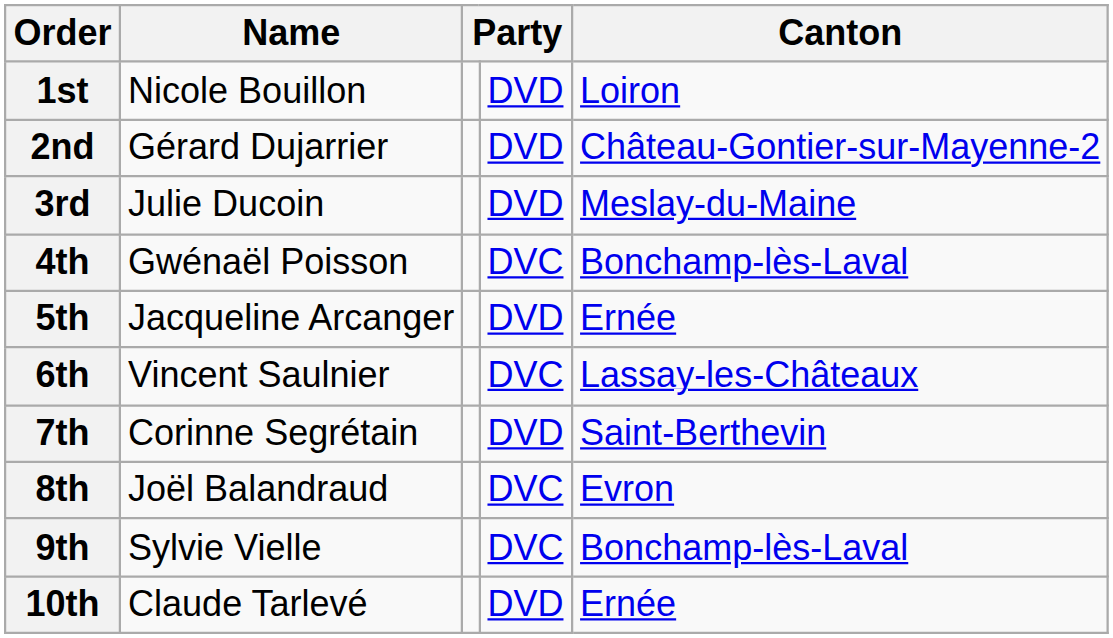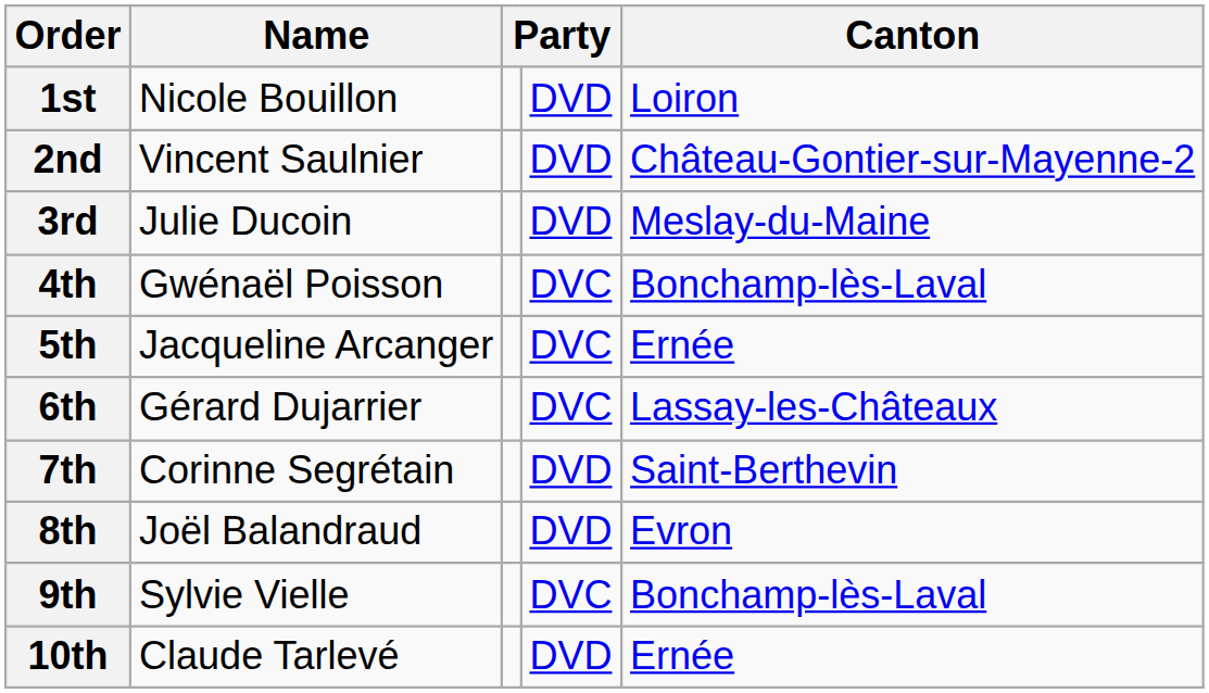 <table class="wikitable">
 <tr>
 <th>Order</th>
 <th>Name</th>
 <th colspan="2">Party</th>
 <th>Canton</th>
 </tr>
 <tr>
 <th>1st</th>
 <td>Nicole Bouillon</td>
 <td style="background-color: "></td>
 <td><a href='#'>DVD</a></td>
 <td><a href='#'>Loiron</a></td>
 </tr>
 <tr>
 <th>2nd</th>
-<td>Gérard Dujarrier</td>
+<td>Vincent Saulnier</td>
 <td style="background-color: "></td>
 <td><a href='#'>DVD</a></td>
 <td><a href='#'>Château-Gontier-sur-Mayenne-2</a></td>
 </tr>
 <tr>
 <th>3rd</th>
 <td>Julie Ducoin</td>
 <td style="background-color: "></td>
 <td><a href='#'>DVD</a></td>
 <td><a href='#'>Meslay-du-Maine</a></td>
 </tr>
 <tr>
 <th>4th</th>
 <td>Gwénaël Poisson</td>
 <td style="background-color: "></td>
 <td><a href='#'>DVC</a></td>
 <td><a href='#'>Bonchamp-lès-Laval</a></td>
 </tr>
 <tr>
 <th>5th</th>
 <td>Jacqueline Arcanger</td>
 <td style="background-color: "></td>
-<td><a href='#'>DVD</a></td>
+<td><a href='#'>DVC</a></td>
 <td><a href='#'>Ernée</a></td>
 </tr>
 <tr>
 <th>6th</th>
-<td>Vincent Saulnier</td>
+<td>Gérard Dujarrier</td>
 <td style="background-color: "></td>
 <td><a href='#'>DVC</a></td>
 <td><a href='#'>Lassay-les-Châteaux</a></td>
 </tr>
 <tr>
 <th>7th</th>
 <td>Corinne Segrétain</td>
 <td style="background-color: "></td>
 <td><a href='#'>DVD</a></td>
 <td><a href='#'>Saint-Berthevin</a></td>
 </tr>
 <tr>
 <th>8th</th>
 <td>Joël Balandraud</td>
 <td style="background-color: "></td>
-<td><a href='#'>DVC</a></td>
+<td><a href='#'>DVD</a></td>
 <td><a href='#'>Evron</a></td>
 </tr>
 <tr>
 <th>9th</th>
 <td>Sylvie Vielle</td>
 <td style="background-color: "></td>
 <td><a href='#'>DVC</a></td>
 <td><a href='#'>Bonchamp-lès-Laval</a></td>
 </tr>
 <tr>
 <th>10th</th>
 <td>Claude Tarlevé</td>
 <td style="background-color: "></td>
 <td><a href='#'>DVD</a></td>
 <td><a href='#'>Ernée</a></td>
 </tr>
 </table>
